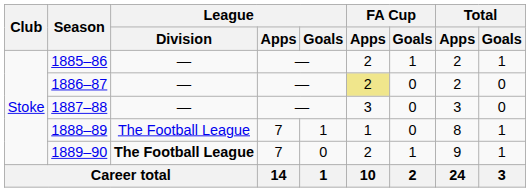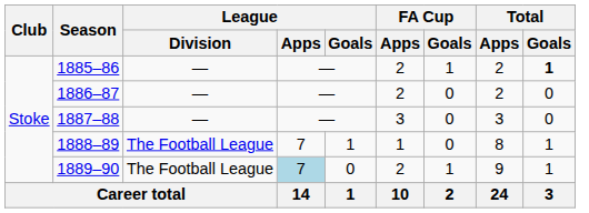 <table class="wikitable" style="text-align: center;">
 <tr>
 <th rowspan="2">Club</th>
 <th rowspan="2">Season</th>
 <th colspan="3">League</th>
 <th colspan="2">FA Cup</th>
 <th colspan="2">Total</th>
 </tr>
 <tr>
 <th>Division</th>
 <th>Apps</th>
 <th>Goals</th>
 <th>Apps</th>
 <th>Goals</th>
 <th>Apps</th>
 <th>Goals</th>
 </tr>
 <tr>
 <td rowspan="5"><a href='#'>Stoke</a></td>
 <td><a href='#'>1885–86</a></td>
 <td>—</td>
 <td colspan="2">—</td>
 <td>2</td>
 <td>1</td>
 <td>2</td>
-<td>1</td>
+<td><strong>1</strong></td>
 </tr>
 <tr>
 <td><a href='#'>1886–87</a></td>
 <td>—</td>
 <td colspan="2">—</td>
-<td style="background: khaki;">2</td>
+<td>2</td>
 <td>0</td>
 <td>2</td>
 <td>0</td>
 </tr>
 <tr>
 <td><a href='#'>1887–88</a></td>
 <td>—</td>
 <td colspan="2">—</td>
 <td>3</td>
 <td>0</td>
 <td>3</td>
 <td>0</td>
 </tr>
 <tr>
 <td><a href='#'>1888–89</a></td>
 <td><a href='#'>The Football League</a></td>
 <td>7</td>
 <td>1</td>
 <td>1</td>
 <td>0</td>
 <td>8</td>
 <td>1</td>
 </tr>
 <tr>
 <td><a href='#'>1889–90</a></td>
-<td><strong>The Football League</strong></td>
-<td>7</td>
+<td>The Football League</td>
+<td style="background: lightblue;">7</td>
 <td>0</td>
 <td>2</td>
 <td>1</td>
 <td>9</td>
 <td>1</td>
 </tr>
 <tr>
 <th colspan=3>Career total</th>
 <th>14</th>
 <th>1</th>
 <th>10</th>
 <th>2</th>
 <th>24</th>
 <th>3</th>
 </tr>
 </table>
